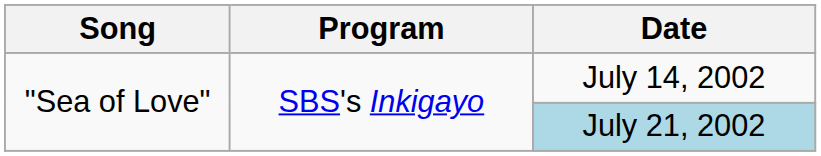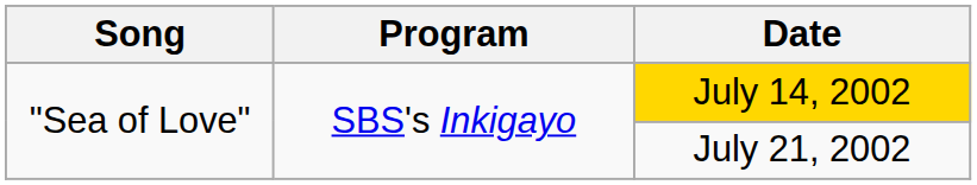 <table class="wikitable" style="text-align:center">
 <tr>
 <th width="110">Song</th>
 <th width="150">Program</th>
 <th width="140">Date</th>
 </tr>
 <tr>
 <td rowspan="2">"Sea of Love"</td>
 <td rowspan="2"><a href='#'>SBS</a>'s <em><a href='#'>Inkigayo</a></em></td>
-<td>July 14, 2002</td>
+<td style="background: gold;">July 14, 2002</td>
 </tr>
 <tr>
-<td style="background: lightblue;">July 21, 2002</td>
+<td>July 21, 2002</td>
 </tr>
 </table>
